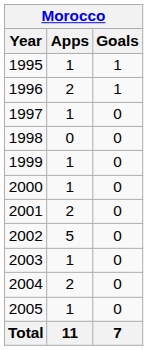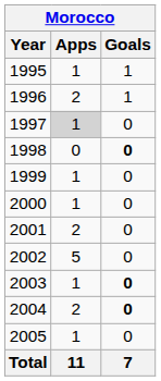 <table class="wikitable" style="text-align:center">
 <tr>
 <th colspan=3><a href='#'>Morocco</a></th>
 </tr>
 <tr>
 <th>Year</th>
 <th>Apps</th>
 <th>Goals</th>
 </tr>
 <tr>
 <td>1995</td>
 <td>1</td>
 <td>1</td>
 </tr>
 <tr>
 <td>1996</td>
 <td>2</td>
 <td>1</td>
 </tr>
 <tr>
 <td>1997</td>
-<td>1</td>
+<td style="background: lightgrey;">1</td>
 <td>0</td>
 </tr>
 <tr>
 <td>1998</td>
 <td>0</td>
-<td>0</td>
+<td><strong>0</strong></td>
 </tr>
 <tr>
 <td>1999</td>
 <td>1</td>
 <td>0</td>
 </tr>
 <tr>
 <td>2000</td>
 <td>1</td>
 <td>0</td>
 </tr>
 <tr>
 <td>2001</td>
 <td>2</td>
 <td>0</td>
 </tr>
 <tr>
 <td>2002</td>
 <td>5</td>
 <td>0</td>
 </tr>
 <tr>
 <td>2003</td>
 <td>1</td>
-<td>0</td>
+<td><strong>0</strong></td>
 </tr>
 <tr>
 <td>2004</td>
 <td>2</td>
-<td>0</td>
+<td><strong>0</strong></td>
 </tr>
 <tr>
 <td>2005</td>
 <td>1</td>
 <td>0</td>
 </tr>
 <tr>
 <th>Total</th>
 <th>11</th>
 <th>7</th>
 </tr>
 </table>
